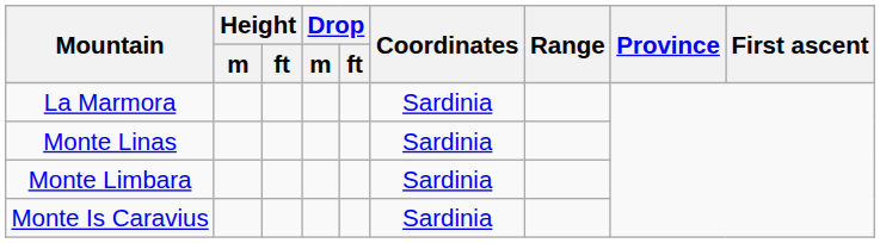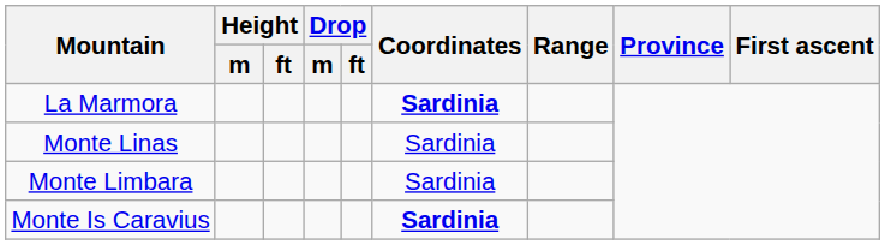 <table class="wikitable sortable" style="text-align: center; font-size: 95%;">
 <tr bgcolor="#dddddd">
 <th rowspan=2>Mountain</th>
 <th colspan=2>Height</th>
 <th colspan=2><a href='#'>Drop</a></th>
 <th rowspan=2>Coordinates</th>
 <th rowspan=2>Range</th>
 <th rowspan=2><a href='#'>Province</a></th>
 <th rowspan=2>First ascent</th>
 </tr>
 <tr>
 <th>m</th>
 <th>ft</th>
 <th>m</th>
 <th>ft</th>
 </tr>
 <tr>
 <td><a href='#'>La Marmora</a></td>
 <td></td>
 <td></td>
 <td></td>
 <td></td>
-<td><a href='#'>Sardinia</a></td>
+<td><strong><a href='#'>Sardinia</a></strong></td>
 <td></td>
 </tr>
 <tr>
 <td><a href='#'>Monte Linas</a></td>
 <td></td>
 <td></td>
 <td></td>
 <td></td>
 <td><a href='#'>Sardinia</a></td>
 <td></td>
 </tr>
 <tr>
 <td><a href='#'>Monte Limbara</a></td>
 <td></td>
 <td></td>
 <td></td>
 <td></td>
 <td><a href='#'>Sardinia</a></td>
 <td></td>
 </tr>
 <tr>
 <td><a href='#'>Monte Is Caravius</a></td>
 <td></td>
 <td></td>
 <td></td>
 <td></td>
-<td><a href='#'>Sardinia</a></td>
+<td><strong><a href='#'>Sardinia</a></strong></td>
 <td></td>
 </tr>
 </table>
